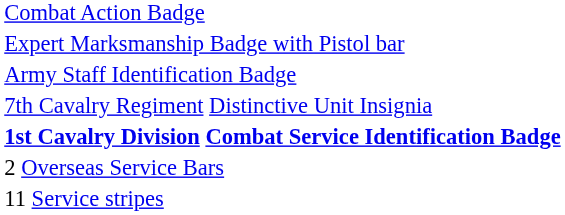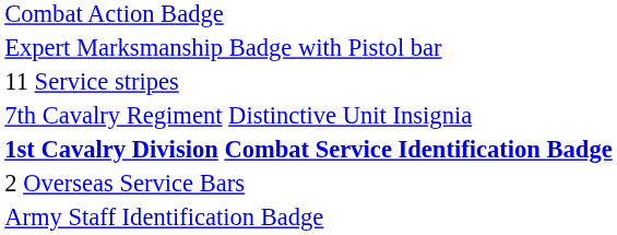 <table>
 <tr>
 <td> <a href='#'>Combat Action Badge</a></td>
 </tr>
 <tr>
 <td> <a href='#'>Expert Marksmanship Badge with Pistol bar</a></td>
 </tr>
 <tr>
-<td> <a href='#'>Army Staff Identification Badge</a></td>
+<td> 11 <a href='#'>Service stripes</a></td>
 </tr>
 <tr>
 <td> <a href='#'>7th Cavalry Regiment</a> <a href='#'>Distinctive Unit Insignia</a></td>
 </tr>
 <tr>
 <td><strong> <a href='#'>1st Cavalry Division</a> <a href='#'>Combat Service Identification Badge</a></strong></td>
 </tr>
 <tr>
 <td> 2 <a href='#'>Overseas Service Bars</a></td>
 </tr>
 <tr>
-<td> 11 <a href='#'>Service stripes</a></td>
+<td> <a href='#'>Army Staff Identification Badge</a></td>
 </tr>
 </table>
